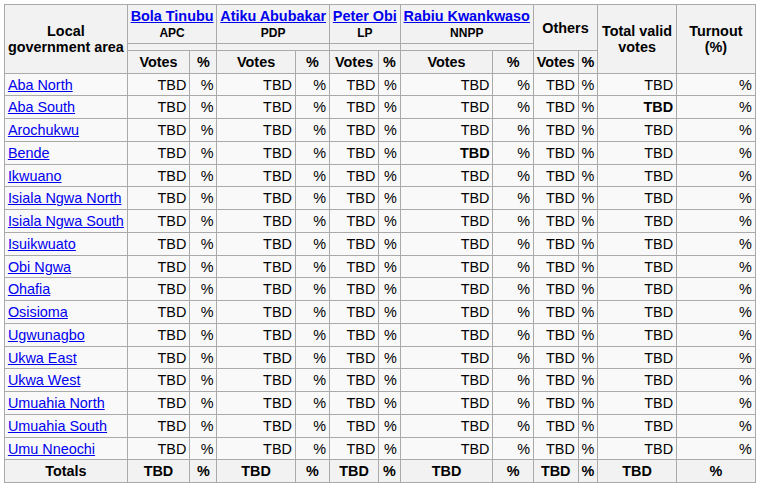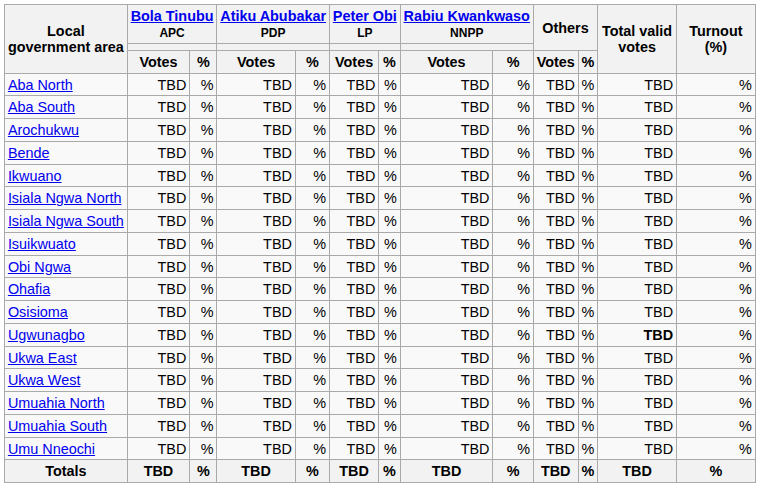 <table class="wikitable sortable" style="text-align:right; font-size:90%">
 <tr>
 <th rowspan="3" style="max-width:7.5em;">Local government area</th>
 <th colspan="2"><a href='#'>Bola Tinubu</a><br><small>APC</small></th>
 <th colspan="2"><a href='#'>Atiku Abubakar</a><br><small>PDP</small></th>
 <th colspan="2"><a href='#'>Peter Obi</a><br><small>LP</small></th>
 <th colspan="2"><a href='#'>Rabiu Kwankwaso</a><br><small>NNPP</small></th>
 <th colspan="2" rowspan="2">Others</th>
 <th rowspan="3" style="max-width:5em;">Total valid votes</th>
 <th rowspan="3" style="max-width:5em;">Turnout (%)</th>
 </tr>
 <tr>
 <th colspan=2 style="background-color:"></th>
 <th colspan=2 style="background-color:"></th>
 <th colspan=2 style="background-color:"></th>
 <th colspan=2 style="background-color:"></th>
 </tr>
 <tr>
 <th>Votes</th>
 <th>%</th>
 <th>Votes</th>
 <th>%</th>
 <th>Votes</th>
 <th>%</th>
 <th>Votes</th>
 <th>%</th>
 <th>Votes</th>
 <th>%</th>
 </tr>
 <tr style="background-color:#">
 <td style="text-align:left;"><a href='#'>Aba North</a></td>
 <td>TBD</td>
 <td>%</td>
 <td>TBD</td>
 <td>%</td>
 <td>TBD</td>
 <td>%</td>
 <td>TBD</td>
 <td>%</td>
 <td>TBD</td>
 <td>%</td>
 <td>TBD</td>
 <td>%</td>
 </tr>
 <tr style="background-color:#">
 <td style="text-align:left;"><a href='#'>Aba South</a></td>
 <td>TBD</td>
 <td>%</td>
 <td>TBD</td>
 <td>%</td>
 <td>TBD</td>
 <td>%</td>
 <td>TBD</td>
 <td>%</td>
 <td>TBD</td>
 <td>%</td>
-<td><strong>TBD</strong></td>
+<td>TBD</td>
 <td>%</td>
 </tr>
 <tr style="background-color:#">
 <td style="text-align:left;"><a href='#'>Arochukwu</a></td>
 <td>TBD</td>
 <td>%</td>
 <td>TBD</td>
 <td>%</td>
 <td>TBD</td>
 <td>%</td>
 <td>TBD</td>
 <td>%</td>
 <td>TBD</td>
 <td>%</td>
 <td>TBD</td>
 <td>%</td>
 </tr>
 <tr style="background-color:#">
 <td style="text-align:left;"><a href='#'>Bende</a></td>
 <td>TBD</td>
 <td>%</td>
 <td>TBD</td>
 <td>%</td>
 <td>TBD</td>
 <td>%</td>
-<td><strong>TBD</strong></td>
+<td>TBD</td>
 <td>%</td>
 <td>TBD</td>
 <td>%</td>
 <td>TBD</td>
 <td>%</td>
 </tr>
 <tr style="background-color:#">
 <td style="text-align:left;"><a href='#'>Ikwuano</a></td>
 <td>TBD</td>
 <td>%</td>
 <td>TBD</td>
 <td>%</td>
 <td>TBD</td>
 <td>%</td>
 <td>TBD</td>
 <td>%</td>
 <td>TBD</td>
 <td>%</td>
 <td>TBD</td>
 <td>%</td>
 </tr>
 <tr style="background-color:#">
 <td style="text-align:left;"><a href='#'>Isiala Ngwa North</a></td>
 <td>TBD</td>
 <td>%</td>
 <td>TBD</td>
 <td>%</td>
 <td>TBD</td>
 <td>%</td>
 <td>TBD</td>
 <td>%</td>
 <td>TBD</td>
 <td>%</td>
 <td>TBD</td>
 <td>%</td>
 </tr>
 <tr style="background-color:#">
 <td style="text-align:left;"><a href='#'>Isiala Ngwa South</a></td>
 <td>TBD</td>
 <td>%</td>
 <td>TBD</td>
 <td>%</td>
 <td>TBD</td>
 <td>%</td>
 <td>TBD</td>
 <td>%</td>
 <td>TBD</td>
 <td>%</td>
 <td>TBD</td>
 <td>%</td>
 </tr>
 <tr style="background-color:#">
 <td style="text-align:left;"><a href='#'>Isuikwuato</a></td>
 <td>TBD</td>
 <td>%</td>
 <td>TBD</td>
 <td>%</td>
 <td>TBD</td>
 <td>%</td>
 <td>TBD</td>
 <td>%</td>
 <td>TBD</td>
 <td>%</td>
 <td>TBD</td>
 <td>%</td>
 </tr>
 <tr style="background-color:#">
 <td style="text-align:left;"><a href='#'>Obi Ngwa</a></td>
 <td>TBD</td>
 <td>%</td>
 <td>TBD</td>
 <td>%</td>
 <td>TBD</td>
 <td>%</td>
 <td>TBD</td>
 <td>%</td>
 <td>TBD</td>
 <td>%</td>
 <td>TBD</td>
 <td>%</td>
 </tr>
 <tr style="background-color:#">
 <td style="text-align:left;"><a href='#'>Ohafia</a></td>
 <td>TBD</td>
 <td>%</td>
 <td>TBD</td>
 <td>%</td>
 <td>TBD</td>
 <td>%</td>
 <td>TBD</td>
 <td>%</td>
 <td>TBD</td>
 <td>%</td>
 <td>TBD</td>
 <td>%</td>
 </tr>
 <tr style="background-color:#">
 <td style="text-align:left;"><a href='#'>Osisioma</a></td>
 <td>TBD</td>
 <td>%</td>
 <td>TBD</td>
 <td>%</td>
 <td>TBD</td>
 <td>%</td>
 <td>TBD</td>
 <td>%</td>
 <td>TBD</td>
 <td>%</td>
 <td>TBD</td>
 <td>%</td>
 </tr>
 <tr style="background-color:#">
 <td style="text-align:left;"><a href='#'>Ugwunagbo</a></td>
 <td>TBD</td>
 <td>%</td>
 <td>TBD</td>
 <td>%</td>
 <td>TBD</td>
 <td>%</td>
 <td>TBD</td>
 <td>%</td>
 <td>TBD</td>
 <td>%</td>
-<td>TBD</td>
+<td><strong>TBD</strong></td>
 <td>%</td>
 </tr>
 <tr style="background-color:#">
 <td style="text-align:left;"><a href='#'>Ukwa East</a></td>
 <td>TBD</td>
 <td>%</td>
 <td>TBD</td>
 <td>%</td>
 <td>TBD</td>
 <td>%</td>
 <td>TBD</td>
 <td>%</td>
 <td>TBD</td>
 <td>%</td>
 <td>TBD</td>
 <td>%</td>
 </tr>
 <tr style="background-color:#">
 <td style="text-align:left;"><a href='#'>Ukwa West</a></td>
 <td>TBD</td>
 <td>%</td>
 <td>TBD</td>
 <td>%</td>
 <td>TBD</td>
 <td>%</td>
 <td>TBD</td>
 <td>%</td>
 <td>TBD</td>
 <td>%</td>
 <td>TBD</td>
 <td>%</td>
 </tr>
 <tr style="background-color:#">
 <td style="text-align:left;"><a href='#'>Umuahia North</a></td>
 <td>TBD</td>
 <td>%</td>
 <td>TBD</td>
 <td>%</td>
 <td>TBD</td>
 <td>%</td>
 <td>TBD</td>
 <td>%</td>
 <td>TBD</td>
 <td>%</td>
 <td>TBD</td>
 <td>%</td>
 </tr>
 <tr style="background-color:#">
 <td style="text-align:left;"><a href='#'>Umuahia South</a></td>
 <td>TBD</td>
 <td>%</td>
 <td>TBD</td>
 <td>%</td>
 <td>TBD</td>
 <td>%</td>
 <td>TBD</td>
 <td>%</td>
 <td>TBD</td>
 <td>%</td>
 <td>TBD</td>
 <td>%</td>
 </tr>
 <tr style="background-color:#">
 <td style="text-align:left;"><a href='#'>Umu Nneochi</a></td>
 <td>TBD</td>
 <td>%</td>
 <td>TBD</td>
 <td>%</td>
 <td>TBD</td>
 <td>%</td>
 <td>TBD</td>
 <td>%</td>
 <td>TBD</td>
 <td>%</td>
 <td>TBD</td>
 <td>%</td>
 </tr>
 <tr>
 <th>Totals</th>
 <th>TBD</th>
 <th>%</th>
 <th>TBD</th>
 <th>%</th>
 <th>TBD</th>
 <th>%</th>
 <th>TBD</th>
 <th>%</th>
 <th>TBD</th>
 <th>%</th>
 <th>TBD</th>
 <th>%</th>
 </tr>
 </table>
